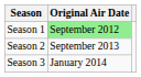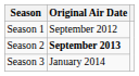 <table class="wikitable">
 <tr>
 <th>Season</th>
 <th>Original Air Date</th>
 <th></th>
 </tr>
 <tr>
 <td>Season 1</td>
-<td style="background: lightgreen;">September 2012</td>
+<td>September 2012</td>
 </tr>
 <tr>
 <td>Season 2</td>
-<td>September 2013</td>
+<td><strong>September 2013</strong></td>
 </tr>
 <tr>
 <td>Season 3</td>
 <td>January 2014</td>
 </tr>
 </table>
